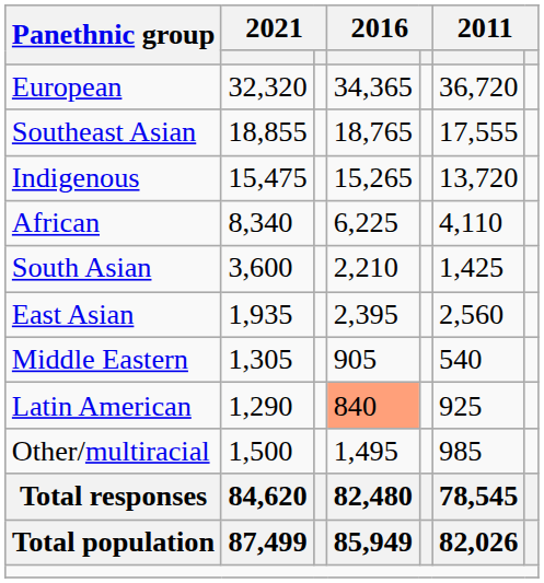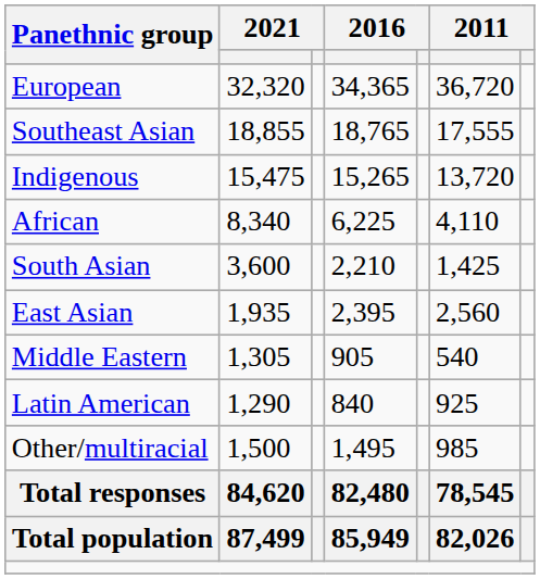 <table class="wikitable collapsible sortable">
 <tr>
 <th rowspan="2"><a href='#'>Panethnic</a> group</th>
 <th colspan="2">2021</th>
 <th colspan="2">2016</th>
 <th colspan="2">2011</th>
 </tr>
 <tr>
 <th><a href='#'></a></th>
 <th></th>
 <th></th>
 <th></th>
 <th></th>
 <th></th>
 </tr>
 <tr>
 <td><a href='#'>European</a></td>
 <td>32,320</td>
 <td></td>
 <td>34,365</td>
 <td></td>
 <td>36,720</td>
 <td></td>
 </tr>
 <tr>
 <td><a href='#'>Southeast Asian</a></td>
 <td>18,855</td>
 <td></td>
 <td>18,765</td>
 <td></td>
 <td>17,555</td>
 <td></td>
 </tr>
 <tr>
 <td><a href='#'>Indigenous</a></td>
 <td>15,475</td>
 <td></td>
 <td>15,265</td>
 <td></td>
 <td>13,720</td>
 <td></td>
 </tr>
 <tr>
 <td><a href='#'>African</a></td>
 <td>8,340</td>
 <td></td>
 <td>6,225</td>
 <td></td>
 <td>4,110</td>
 <td></td>
 </tr>
 <tr>
 <td><a href='#'>South Asian</a></td>
 <td>3,600</td>
 <td></td>
 <td>2,210</td>
 <td></td>
 <td>1,425</td>
 <td></td>
 </tr>
 <tr>
 <td><a href='#'>East Asian</a></td>
 <td>1,935</td>
 <td></td>
 <td>2,395</td>
 <td></td>
 <td>2,560</td>
 <td></td>
 </tr>
 <tr>
 <td><a href='#'>Middle Eastern</a></td>
 <td>1,305</td>
 <td></td>
 <td>905</td>
 <td></td>
 <td>540</td>
 <td></td>
 </tr>
 <tr>
 <td><a href='#'>Latin American</a></td>
 <td>1,290</td>
 <td></td>
-<td style="background: lightsalmon;">840</td>
+<td>840</td>
 <td></td>
 <td>925</td>
 <td></td>
 </tr>
 <tr>
 <td>Other/<a href='#'>multiracial</a></td>
 <td>1,500</td>
 <td></td>
 <td>1,495</td>
 <td></td>
 <td>985</td>
 <td></td>
 </tr>
 <tr>
 <th>Total responses</th>
 <th>84,620</th>
 <th></th>
 <th>82,480</th>
 <th></th>
 <th>78,545</th>
 <th></th>
 </tr>
 <tr class="sortbottom">
 <th>Total population</th>
 <th>87,499</th>
 <th></th>
 <th>85,949</th>
 <th></th>
 <th>82,026</th>
 <th></th>
 </tr>
 <tr class="sortbottom">
 <td colspan="15"></td>
 </tr>
 </table>
